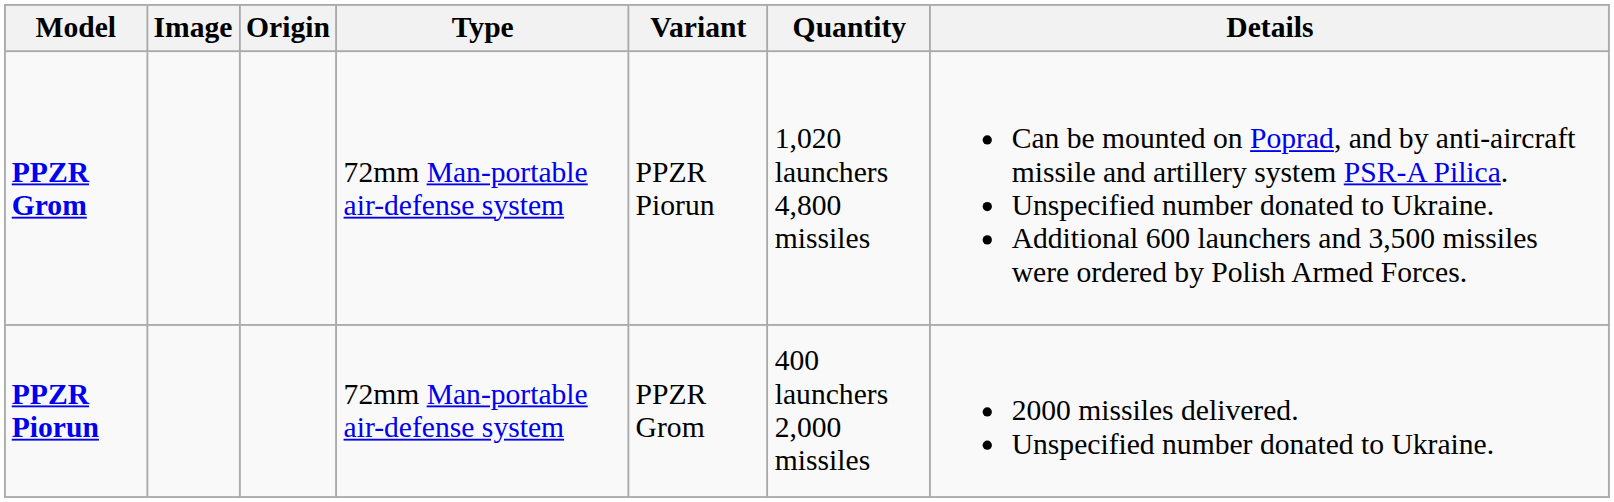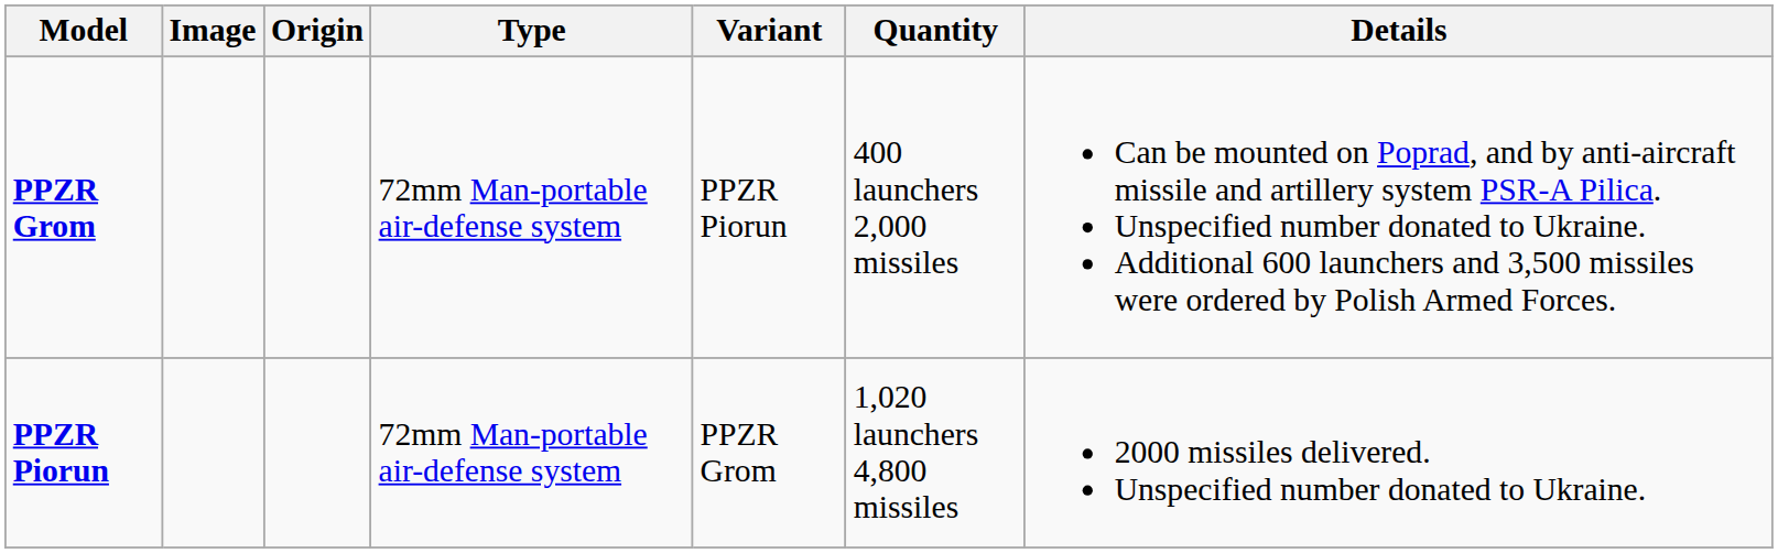 <table class="wikitable">
 <tr>
 <th>Model</th>
 <th>Image</th>
 <th>Origin</th>
 <th>Type</th>
 <th>Variant</th>
 <th>Quantity</th>
 <th>Details</th>
 </tr>
 <tr>
 <td><a href='#'><strong>PPZR Grom</strong></a></td>
 <td></td>
 <td><small></small></td>
 <td>72mm <a href='#'>Man-portable air-defense system</a></td>
 <td>PPZR Piorun</td>
-<td>1,020 launchers<br>4,800 missiles</td>
+<td>400 launchers<br>2,000 missiles</td>
 <td><br><ul><li>Can be mounted on <a href='#'>Poprad</a>, and by anti-aircraft missile and artillery system <a href='#'>PSR-A Pilica</a>.</li><li>Unspecified number donated to Ukraine.</li><li>Additional 600 launchers and 3,500 missiles were ordered by Polish Armed Forces.</li></ul></td>
 </tr>
 <tr>
 <td><a href='#'><strong>PPZR Piorun</strong></a></td>
 <td></td>
 <td><small></small></td>
 <td>72mm <a href='#'>Man-portable air-defense system</a></td>
 <td>PPZR Grom</td>
-<td>400 launchers<br>2,000 missiles</td>
+<td>1,020 launchers<br>4,800 missiles</td>
 <td><br><ul><li>2000 missiles delivered.</li><li>Unspecified number donated to Ukraine.</li></ul></td>
 </tr>
 </table>
